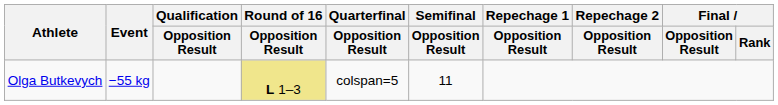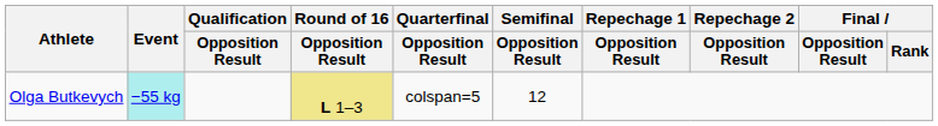 <table class="wikitable" style="text-align:center; font-size:90%;">
 <tr>
 <th rowspan=2>Athlete</th>
 <th rowspan=2>Event</th>
 <th>Qualification</th>
 <th>Round of 16</th>
 <th>Quarterfinal</th>
 <th>Semifinal</th>
 <th>Repechage 1</th>
 <th>Repechage 2</th>
 <th colspan=2>Final / </th>
 </tr>
 <tr style="font-size:95%;">
 <th>Opposition<br>Result</th>
 <th>Opposition<br>Result</th>
 <th>Opposition<br>Result</th>
 <th>Opposition<br>Result</th>
 <th>Opposition<br>Result</th>
 <th>Opposition<br>Result</th>
 <th>Opposition<br>Result</th>
 <th>Rank</th>
 </tr>
 <tr>
 <td style="text-align:left;"><a href='#'>Olga Butkevych</a></td>
-<td style="text-align:left;"><a href='#'>−55 kg</a></td>
+<td style="background: paleturquoise; text-align:left;"><a href='#'>−55 kg</a></td>
 <td></td>
 <td style="background: khaki;"><br><strong>L</strong> 1–3 <sup></sup></td>
 <td>colspan=5 </td>
-<td>11</td>
+<td>12</td>
 </tr>
 </table>
